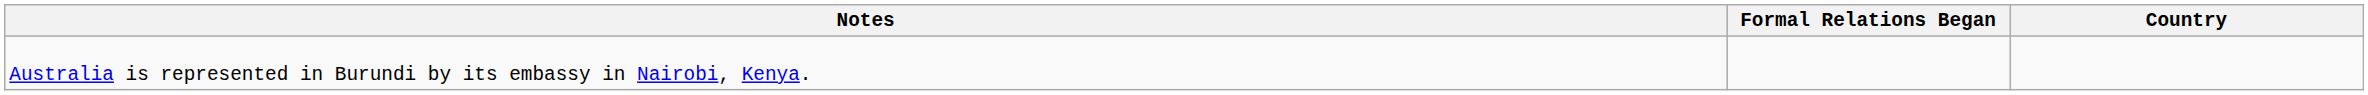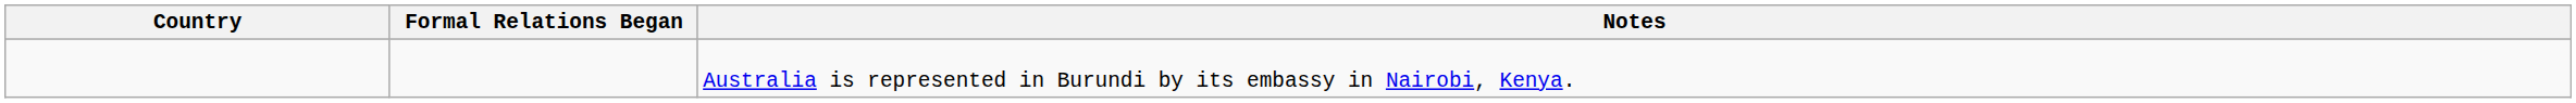 <table class="wikitable sortable" style="width:100%; margin:auto;">
 <tr>
+<th style="width:15%;">Country</th>
+<th style="width:12%;">Formal Relations Began</th>
 <th>Notes</th>
-<th style="width:12%;">Formal Relations Began</th>
-<th style="width:15%;">Country</th>
 </tr>
 <tr valign="top">
-<td><br><a href='#'>Australia</a> is represented in Burundi by its embassy in <a href='#'>Nairobi</a>, <a href='#'>Kenya</a>.</td>
 <td></td>
 <td></td>
+<td><br><a href='#'>Australia</a> is represented in Burundi by its embassy in <a href='#'>Nairobi</a>, <a href='#'>Kenya</a>.</td>
 </tr>
 </table>
